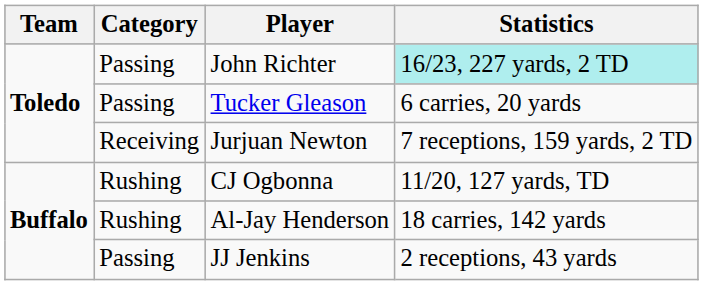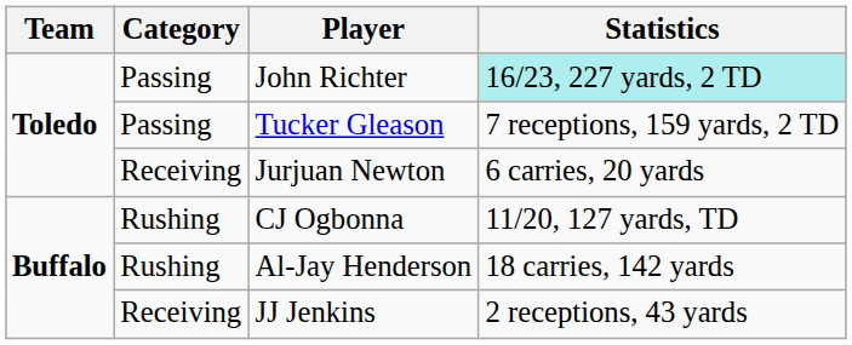 <table class="wikitable" style="float: right;">
 <tr>
 <th>Team</th>
 <th>Category</th>
 <th>Player</th>
 <th>Statistics</th>
 </tr>
 <tr>
 <td rowspan=3><strong>Toledo</strong></td>
 <td>Passing</td>
 <td>John Richter</td>
 <td style="background: paleturquoise;">16/23, 227 yards, 2 TD</td>
 </tr>
 <tr>
 <td>Passing</td>
 <td><a href='#'>Tucker Gleason</a></td>
-<td>6 carries, 20 yards</td>
+<td>7 receptions, 159 yards, 2 TD</td>
 </tr>
 <tr>
 <td>Receiving</td>
 <td>Jurjuan Newton</td>
-<td>7 receptions, 159 yards, 2 TD</td>
+<td>6 carries, 20 yards</td>
 </tr>
 <tr>
 <td rowspan=3><strong>Buffalo</strong></td>
 <td>Rushing</td>
 <td>CJ Ogbonna</td>
 <td>11/20, 127 yards, TD</td>
 </tr>
 <tr>
 <td>Rushing</td>
 <td>Al-Jay Henderson</td>
 <td>18 carries, 142 yards</td>
 </tr>
 <tr>
-<td>Passing</td>
+<td>Receiving</td>
 <td>JJ Jenkins</td>
 <td>2 receptions, 43 yards</td>
 </tr>
 </table>
